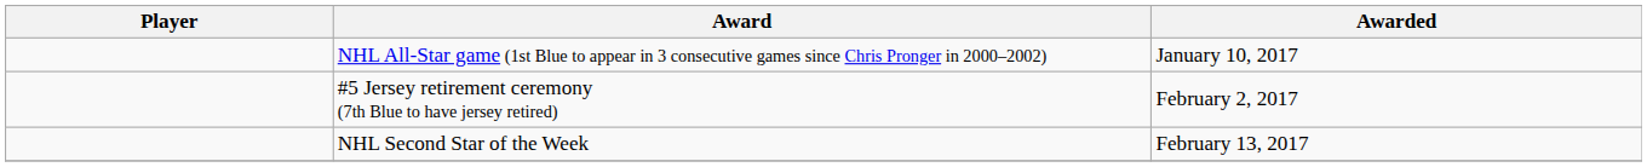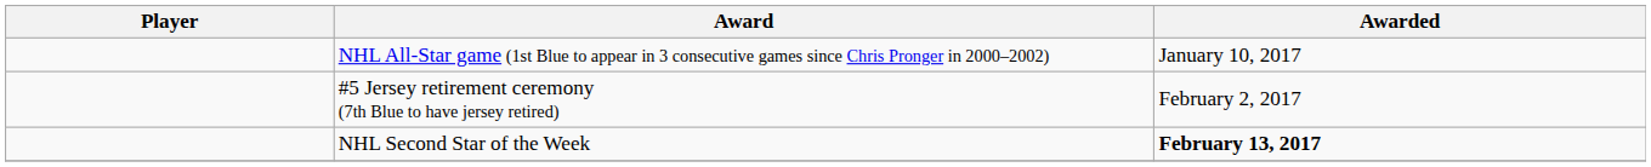 <table class="wikitable sortable" style="width:100%;">
 <tr>
 <th style="width:20%;">Player</th>
 <th style="width:50%;">Award</th>
 <th style="width:30%;" data-sort-type="date">Awarded</th>
 </tr>
 <tr>
 <td></td>
 <td><a href='#'>NHL All-Star game</a><small> (1st Blue to appear in 3 consecutive games since <a href='#'>Chris Pronger</a> in 2000–2002)</small></td>
 <td>January 10, 2017</td>
 </tr>
 <tr>
 <td></td>
 <td>#5 Jersey retirement ceremony <br> <small>(7th Blue to have jersey retired)</small></td>
 <td>February 2, 2017</td>
 </tr>
 <tr>
 <td></td>
 <td>NHL Second Star of the Week</td>
-<td>February 13, 2017</td>
+<td><strong>February 13, 2017</strong></td>
 </tr>
 <tr>
 </tr>
 </table>
